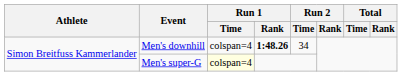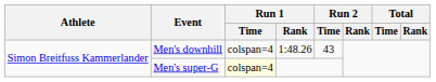 <table class="wikitable" style="font-size:90%">
 <tr>
 <th rowspan=2>Athlete</th>
 <th rowspan=2>Event</th>
 <th colspan=2>Run 1</th>
 <th colspan=2>Run 2</th>
 <th colspan=2>Total</th>
 </tr>
 <tr style="font-size:95%">
 <th>Time</th>
 <th>Rank</th>
 <th>Time</th>
 <th>Rank</th>
 <th>Time</th>
 <th>Rank</th>
 </tr>
 <tr align=center>
 <td align=left rowspan=2><a href='#'>Simon Breitfuss Kammerlander</a></td>
 <td align=left><a href='#'>Men's downhill</a></td>
 <td>colspan=4</td>
-<td><strong>1:48.26</strong></td>
-<td>34</td>
+<td>1:48.26</td>
+<td>43</td>
 </tr>
 <tr align=center>
 <td align=left><a href='#'>Men's super-G</a></td>
 <td style="background: lightyellow;">colspan=4</td>
 <td colspan=2></td>
 </tr>
 </table>
